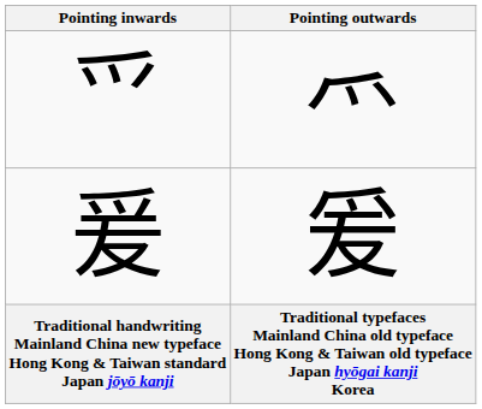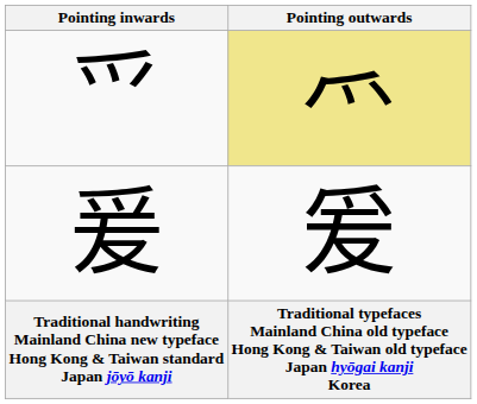 <table class="wikitable" style="text-align: center;">
 <tr>
 <th>Pointing inwards</th>
 <th>Pointing outwards</th>
 </tr>
 <tr style="font-size:6em; font-family:serif; line-height:100%;">
 <td lang="zh-cn">爫</td>
-<td lang="ja">爫</td>
+<td lang="ja" style="background: khaki;">爫</td>
 </tr>
 <tr style="font-size:6em; font-family:serif; line-height:100%;">
 <td lang="zh-cn">爰</td>
 <td lang="ja">爰</td>
 </tr>
 <tr>
 <th>Traditional handwriting<br>Mainland China new typeface<br>Hong Kong & Taiwan standard<br>Japan <em><a href='#'>jōyō kanji</a></em></th>
 <th>Traditional typefaces<br>Mainland China old typeface<br>Hong Kong & Taiwan old typeface<br>Japan <em><a href='#'>hyōgai kanji</a></em><br>Korea</th>
 </tr>
 </table>
